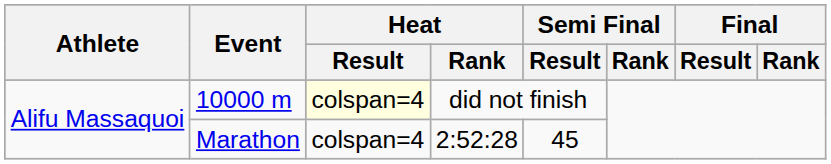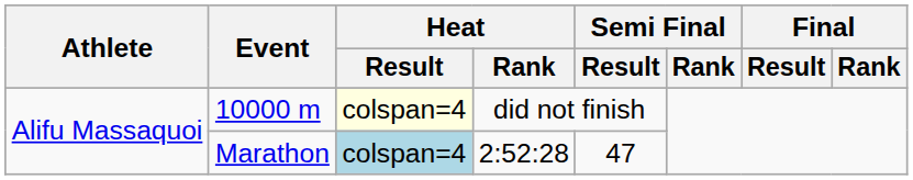 <table class=wikitable style="font-size:90%">
 <tr>
 <th rowspan="2">Athlete</th>
 <th rowspan="2">Event</th>
 <th colspan="2">Heat</th>
 <th colspan="2">Semi Final</th>
 <th colspan="2">Final</th>
 </tr>
 <tr style="font-size:95%">
 <th>Result</th>
 <th>Rank</th>
 <th>Result</th>
 <th>Rank</th>
 <th>Result</th>
 <th>Rank</th>
 </tr>
 <tr align=center>
 <td align=left rowspan=2><a href='#'>Alifu Massaquoi</a></td>
 <td align=left><a href='#'>10000 m</a></td>
 <td style="background: lightyellow;">colspan=4 </td>
 <td colspan=2>did not finish</td>
 </tr>
 <tr align=center>
 <td align=left><a href='#'>Marathon</a></td>
-<td>colspan=4 </td>
+<td style="background: lightblue;">colspan=4 </td>
 <td>2:52:28</td>
-<td>45</td>
+<td>47</td>
 </tr>
 </table>
